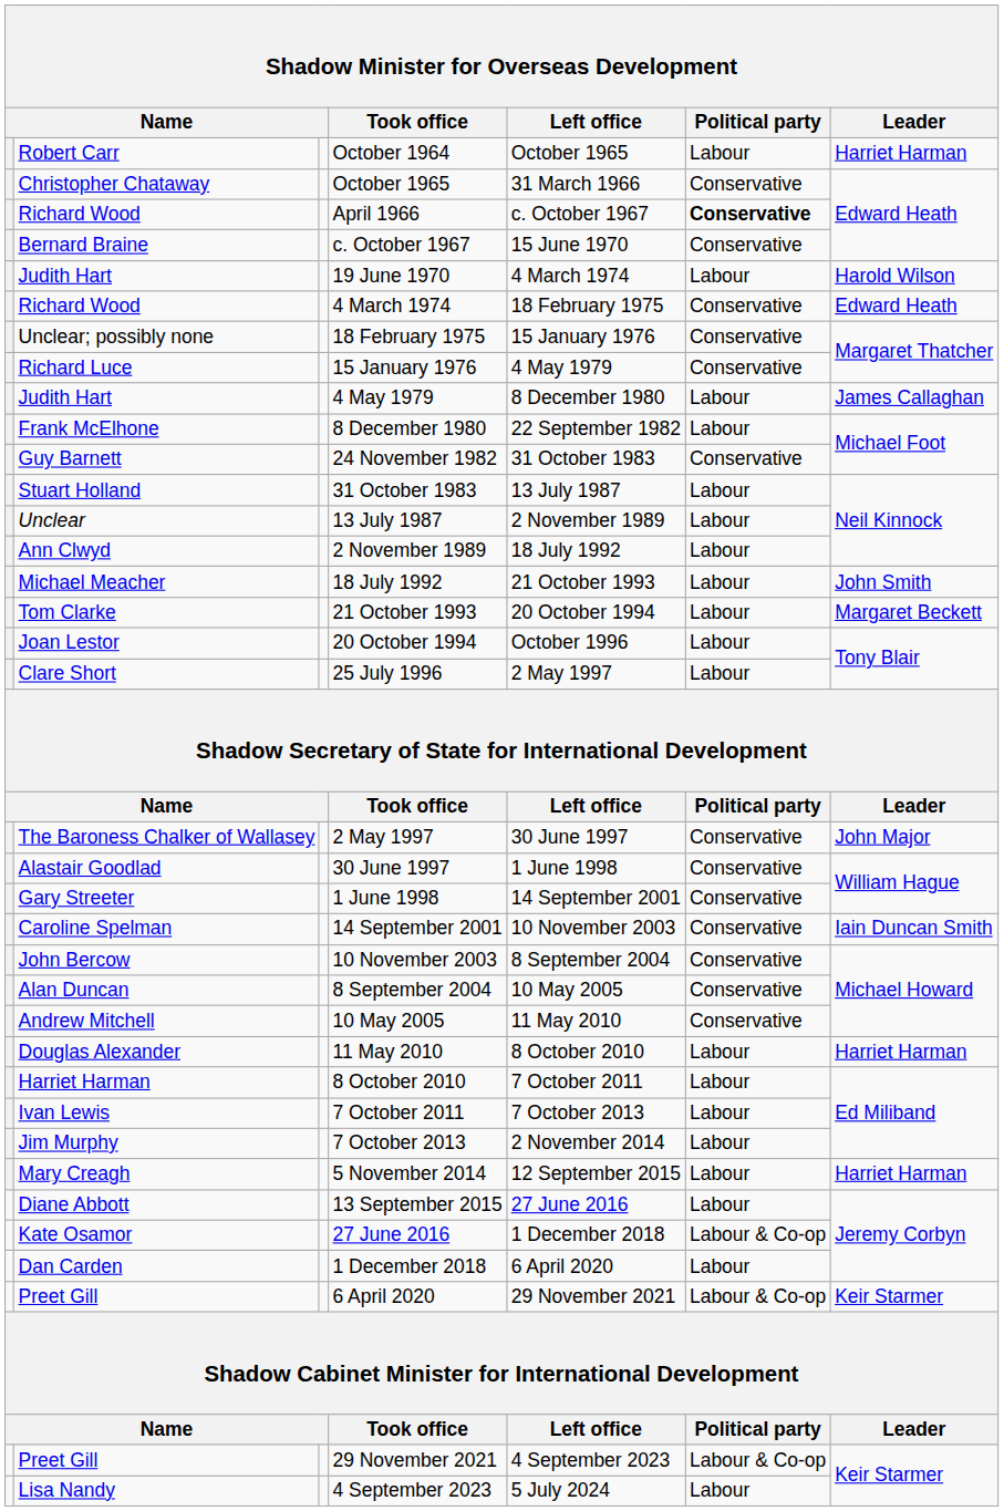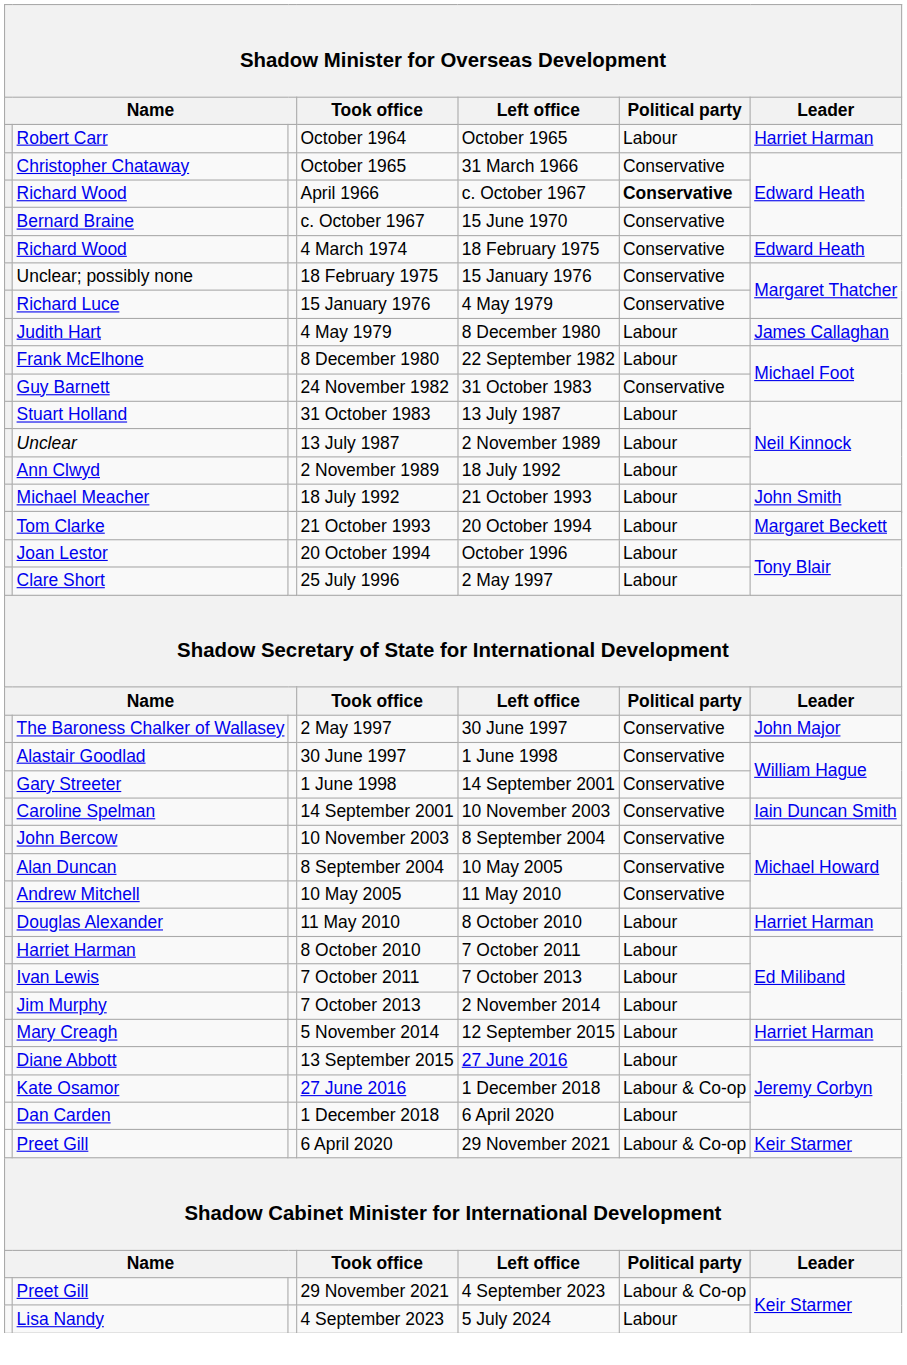 <table class="wikitable">
 <tr>
 <th colspan=7><br><h3>Shadow Minister for Overseas Development</h3></th>
 </tr>
 <tr>
 <th colspan="3">Name</th>
 <th>Took office</th>
 <th>Left office</th>
 <th>Political party</th>
 <th>Leader</th>
 </tr>
 <tr>
 <th style="background-color: "></th>
 <td><a href='#'>Robert Carr</a></td>
 <td></td>
 <td>October 1964</td>
 <td>October 1965</td>
 <td>Labour</td>
 <td><a href='#'>Harriet Harman</a></td>
 </tr>
 <tr>
 <th style="background-color: "></th>
 <td><a href='#'>Christopher Chataway</a></td>
 <td></td>
 <td>October 1965</td>
 <td>31 March 1966</td>
 <td>Conservative</td>
 <td rowspan=3><a href='#'>Edward Heath</a></td>
 </tr>
 <tr>
 <th style="background-color: "></th>
 <td><a href='#'>Richard Wood</a></td>
 <td></td>
 <td>April 1966</td>
 <td>c. October 1967</td>
 <td><strong>Conservative</strong></td>
 </tr>
 <tr>
 <th style="background-color: "></th>
 <td><a href='#'>Bernard Braine</a></td>
 <td></td>
 <td>c. October 1967</td>
 <td>15 June 1970</td>
 <td>Conservative</td>
-</tr>
-<tr>
-<th style="background-color: "></th>
-<td><a href='#'>Judith Hart</a></td>
-<td></td>
-<td>19 June 1970</td>
-<td>4 March 1974</td>
-<td>Labour</td>
-<td><a href='#'>Harold Wilson</a></td>
 </tr>
 <tr>
 <th style="background-color: "></th>
 <td><a href='#'>Richard Wood</a></td>
 <td></td>
 <td>4 March 1974</td>
 <td>18 February 1975</td>
 <td>Conservative</td>
 <td><a href='#'>Edward Heath</a></td>
 </tr>
 <tr>
 <th style="background-color: "></th>
 <td>Unclear; possibly none</td>
 <td></td>
 <td>18 February 1975</td>
 <td>15 January 1976</td>
 <td>Conservative</td>
 <td rowspan=2><a href='#'>Margaret Thatcher</a></td>
 </tr>
 <tr>
 <th style="background-color: "></th>
 <td><a href='#'>Richard Luce</a></td>
 <td></td>
 <td>15 January 1976</td>
 <td>4 May 1979</td>
 <td>Conservative</td>
 </tr>
 <tr>
 <th style="background-color: "></th>
 <td><a href='#'>Judith Hart</a></td>
 <td></td>
 <td>4 May 1979</td>
 <td>8 December 1980</td>
 <td>Labour</td>
 <td><a href='#'>James Callaghan</a></td>
 </tr>
 <tr>
 <th style="background-color: "></th>
 <td><a href='#'>Frank McElhone</a></td>
 <td></td>
 <td>8 December 1980</td>
 <td>22 September 1982</td>
 <td>Labour</td>
 <td rowspan=2><a href='#'>Michael Foot</a></td>
 </tr>
 <tr>
 <th style="background-color: "></th>
 <td><a href='#'>Guy Barnett</a></td>
 <td></td>
 <td>24 November 1982</td>
 <td>31 October 1983</td>
 <td>Conservative</td>
 </tr>
 <tr>
 <th style="background-color: "></th>
 <td><a href='#'>Stuart Holland</a></td>
 <td></td>
 <td>31 October 1983</td>
 <td>13 July 1987</td>
 <td>Labour</td>
 <td rowspan=3><a href='#'>Neil Kinnock</a></td>
 </tr>
 <tr>
 <th style="background-color: "></th>
 <td><em>Unclear</em></td>
 <td></td>
 <td>13 July 1987</td>
 <td>2 November 1989</td>
 <td>Labour</td>
 </tr>
 <tr>
 <th style="background-color: "></th>
 <td><a href='#'>Ann Clwyd</a></td>
 <td></td>
 <td>2 November 1989</td>
 <td>18 July 1992</td>
 <td>Labour</td>
 </tr>
 <tr>
 <th style="background-color: "></th>
 <td><a href='#'>Michael Meacher</a></td>
 <td></td>
 <td>18 July 1992</td>
 <td>21 October 1993</td>
 <td>Labour</td>
 <td rowspan=2><a href='#'>John Smith</a></td>
 </tr>
 <tr>
 <th rowspan=2 style="background-color: "></th>
 <td rowspan=2><a href='#'>Tom Clarke</a></td>
 <td rowspan=2></td>
 <td rowspan=2>21 October 1993</td>
 <td rowspan=2>20 October 1994</td>
 <td rowspan=2>Labour</td>
 </tr>
 <tr>
 <td><a href='#'>Margaret Beckett</a></td>
 </tr>
 <tr>
 <th style="background-color: "></th>
 <td><a href='#'>Joan Lestor</a></td>
 <td></td>
 <td>20 October 1994</td>
 <td>October 1996</td>
 <td>Labour</td>
 <td rowspan=2><a href='#'>Tony Blair</a></td>
 </tr>
 <tr>
 <th style="background-color: "></th>
 <td><a href='#'>Clare Short</a></td>
 <td></td>
 <td>25 July 1996</td>
 <td>2 May 1997</td>
 <td>Labour</td>
 </tr>
 <tr>
 <th colspan=7><br><h3>Shadow Secretary of State for International Development</h3></th>
 </tr>
 <tr>
 <th colspan="3">Name</th>
 <th>Took office</th>
 <th>Left office</th>
 <th>Political party</th>
 <th>Leader</th>
 </tr>
 <tr>
 <th style="background-color: "></th>
 <td><a href='#'>The Baroness Chalker of Wallasey</a></td>
 <td></td>
 <td>2 May 1997</td>
 <td>30 June 1997</td>
 <td>Conservative</td>
 <td><a href='#'>John Major</a></td>
 </tr>
 <tr>
 <th style="background-color: "></th>
 <td><a href='#'>Alastair Goodlad</a></td>
 <td></td>
 <td>30 June 1997</td>
 <td>1 June 1998</td>
 <td>Conservative</td>
 <td rowspan=2><a href='#'>William Hague</a></td>
 </tr>
 <tr>
 <th style="background-color: "></th>
 <td><a href='#'>Gary Streeter</a></td>
 <td></td>
 <td>1 June 1998</td>
 <td>14 September 2001</td>
 <td>Conservative</td>
 </tr>
 <tr>
 <th style="background-color: "></th>
 <td><a href='#'>Caroline Spelman</a></td>
 <td></td>
 <td>14 September 2001</td>
 <td>10 November 2003</td>
 <td>Conservative</td>
 <td><a href='#'>Iain Duncan Smith</a></td>
 </tr>
 <tr>
 <th style="background-color: "></th>
 <td><a href='#'>John Bercow</a></td>
 <td></td>
 <td>10 November 2003</td>
 <td>8 September 2004</td>
 <td>Conservative</td>
 <td rowspan=3><a href='#'>Michael Howard</a></td>
 </tr>
 <tr>
 <th style="background-color: "></th>
 <td><a href='#'>Alan Duncan</a></td>
 <td></td>
 <td>8 September 2004</td>
 <td>10 May 2005</td>
 <td>Conservative</td>
 </tr>
 <tr>
 <th style="background-color: "></th>
 <td><a href='#'>Andrew Mitchell</a></td>
 <td></td>
 <td>10 May 2005</td>
 <td>11 May 2010</td>
 <td>Conservative</td>
 </tr>
 <tr>
 <th style="background-color: "></th>
 <td><a href='#'>Douglas Alexander</a></td>
 <td></td>
 <td>11 May 2010</td>
 <td>8 October 2010</td>
 <td>Labour</td>
 <td><a href='#'>Harriet Harman</a></td>
 </tr>
 <tr>
 <th style="background-color: "></th>
 <td><a href='#'>Harriet Harman</a></td>
 <td></td>
 <td>8 October 2010</td>
 <td>7 October 2011</td>
 <td>Labour</td>
 <td rowspan=4><a href='#'>Ed Miliband</a></td>
 </tr>
 <tr>
 <th style="background-color: "></th>
 <td><a href='#'>Ivan Lewis</a></td>
 <td></td>
 <td>7 October 2011</td>
 <td>7 October 2013</td>
 <td>Labour</td>
 </tr>
 <tr>
 <th style="background-color: "></th>
 <td><a href='#'>Jim Murphy</a></td>
 <td></td>
 <td>7 October 2013</td>
 <td>2 November 2014</td>
 <td>Labour</td>
 </tr>
 <tr>
 <th rowspan=2 style="background-color: "></th>
 <td rowspan=2><a href='#'>Mary Creagh</a></td>
 <td rowspan=2></td>
 <td rowspan=2>5 November 2014</td>
 <td rowspan=2>12 September 2015</td>
 <td rowspan=2>Labour</td>
 </tr>
 <tr>
 <td><a href='#'>Harriet Harman</a></td>
 </tr>
 <tr>
 <td style="background-color: "></td>
 <td><a href='#'>Diane Abbott</a></td>
 <td></td>
 <td>13 September 2015</td>
 <td><a href='#'>27 June 2016</a></td>
 <td>Labour</td>
 <td rowspan=3><a href='#'>Jeremy Corbyn</a></td>
 </tr>
 <tr>
 <td style="background-color: "></td>
 <td><a href='#'>Kate Osamor</a></td>
 <td></td>
 <td><a href='#'>27 June 2016</a></td>
 <td>1 December 2018</td>
 <td>Labour & Co-op</td>
 </tr>
 <tr>
 <td style="background-color: "></td>
 <td><a href='#'>Dan Carden</a></td>
 <td></td>
 <td>1 December 2018</td>
 <td>6 April 2020</td>
 <td>Labour</td>
 </tr>
 <tr>
 <td style="background-color: "></td>
 <td><a href='#'>Preet Gill</a></td>
 <td></td>
 <td>6 April 2020</td>
 <td>29 November 2021</td>
 <td>Labour & Co-op</td>
 <td><a href='#'>Keir Starmer</a></td>
 </tr>
 <tr>
 <th colspan=7><br><h3>Shadow Cabinet Minister for International Development</h3></th>
 </tr>
 <tr>
 <th colspan="3">Name</th>
 <th>Took office</th>
 <th>Left office</th>
 <th>Political party</th>
 <th>Leader</th>
 </tr>
 <tr>
 <td style="background-color: "></td>
 <td><a href='#'>Preet Gill</a></td>
 <td></td>
 <td>29 November 2021</td>
 <td>4 September 2023</td>
 <td>Labour & Co-op</td>
 <td rowspan="2"><a href='#'>Keir Starmer</a></td>
 </tr>
 <tr>
 <td style="background-color: "></td>
 <td><a href='#'>Lisa Nandy</a></td>
 <td></td>
 <td>4 September 2023</td>
 <td>5 July 2024</td>
 <td>Labour</td>
 </tr>
 </table>
